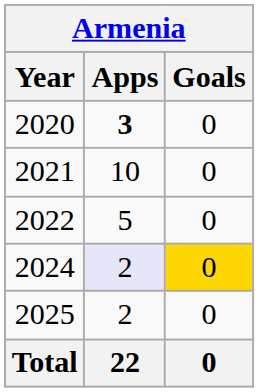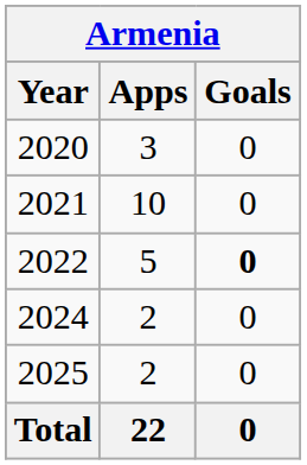 <table class="wikitable" style="text-align:center">
 <tr>
 <th colspan=6><a href='#'>Armenia</a></th>
 </tr>
 <tr>
 <th>Year</th>
 <th>Apps</th>
 <th>Goals</th>
 </tr>
 <tr>
 <td>2020</td>
-<td><strong>3</strong></td>
+<td>3</td>
 <td>0</td>
 </tr>
 <tr>
 <td>2021</td>
 <td>10</td>
 <td>0</td>
 </tr>
 <tr>
 <td>2022</td>
 <td>5</td>
-<td>0</td>
+<td><strong>0</strong></td>
 </tr>
 <tr>
 <td>2024</td>
-<td style="background: lavender;">2</td>
-<td style="background: gold;">0</td>
+<td>2</td>
+<td>0</td>
 </tr>
 <tr>
 <td>2025</td>
 <td>2</td>
 <td>0</td>
 </tr>
 <tr>
 <th>Total</th>
 <th>22</th>
 <th>0</th>
 </tr>
 </table>
